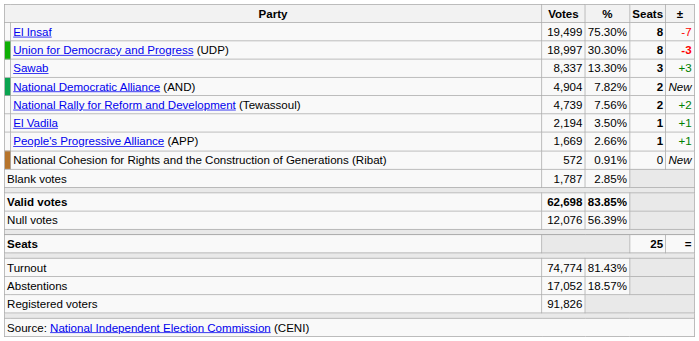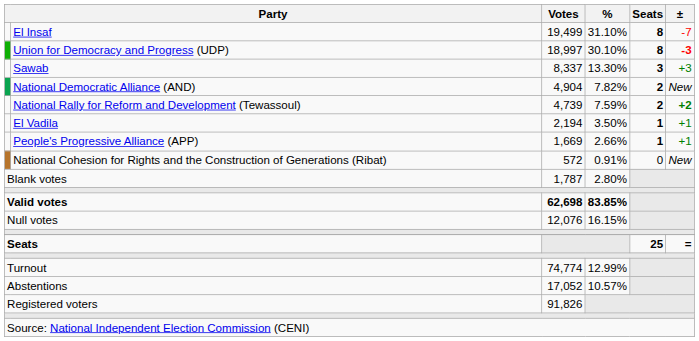 <table class="wikitable" style="text-align:right;font-size:95%;">
 <tr>
 <th width="700" colspan="2">Party</th>
 <th width="50">Votes</th>
 <th width="50">%</th>
 <th width="25">Seats</th>
 <th width="20">±</th>
 </tr>
 <tr>
 <td width="1" style="color:inherit;background:"></td>
 <td style="text-align:left;"><a href='#'>El Insaf</a></td>
 <td>19,499</td>
-<td>75.30%</td>
+<td>31.10%</td>
 <td><strong>8</strong></td>
 <td style="color:red;">-7</td>
 </tr>
 <tr>
 <td width="1" style="color:inherit;background:#0FAF05;"></td>
 <td style="text-align:left;"><a href='#'>Union for Democracy and Progress</a> (UDP)</td>
 <td>18,997</td>
-<td>30.30%</td>
+<td>30.10%</td>
 <td><strong>8</strong></td>
 <td style="color:red;"><strong>-3</strong></td>
 </tr>
 <tr>
 <td width="1" style="color:inherit;background:"></td>
 <td style="text-align:left;"><a href='#'>Sawab</a></td>
 <td>8,337</td>
 <td>13.30%</td>
 <td><strong>3</strong></td>
 <td style="color:green;">+3</td>
 </tr>
 <tr>
 <td width="1" style="color:inherit;background:#0AA450;"></td>
 <td style="text-align:left;"><a href='#'>National Democratic Alliance</a> (AND)</td>
 <td>4,904</td>
 <td>7.82%</td>
 <td><strong>2</strong></td>
 <td><em>New</em></td>
 </tr>
 <tr>
 <td width="1" style="color:inherit;background:"></td>
 <td style="text-align:left;"><a href='#'>National Rally for Reform and Development</a> (Tewassoul)</td>
 <td>4,739</td>
-<td>7.56%</td>
+<td>7.59%</td>
 <td><strong>2</strong></td>
-<td style="color:green;">+2</td>
+<td style="color:green;"><strong>+2</strong></td>
 </tr>
 <tr>
 <td width="1" style="color:inherit;background:"></td>
 <td style="text-align:left;"><a href='#'>El Vadila</a></td>
 <td>2,194</td>
 <td>3.50%</td>
 <td><strong>1</strong></td>
 <td style="color:green;">+1</td>
 </tr>
 <tr>
 <td width="1" style="color:inherit;background:"></td>
 <td style="text-align:left;"><a href='#'>People's Progressive Alliance</a> (APP)</td>
 <td>1,669</td>
 <td>2.66%</td>
 <td><strong>1</strong></td>
 <td style="color:green;">+1</td>
 </tr>
 <tr>
 <td width="1" style="color:inherit;background:#B7752C;"></td>
 <td style="text-align:left;">National Cohesion for Rights and the Construction of Generations (Ribat)</td>
 <td>572</td>
 <td>0.91%</td>
 <td>0</td>
 <td><em>New</em></td>
 </tr>
 <tr>
 <td colspan="2" style="text-align:left;">Blank votes</td>
 <td>1,787</td>
-<td>2.85%</td>
+<td>2.80%</td>
 <td colspan="2" style="background:#E9E9E9;"></td>
 </tr>
 <tr>
 <td colspan="6" style="background:#E9E9E9;"></td>
 </tr>
 <tr style="font-weight:bold;">
 <td colspan="2" style="text-align:left;">Valid votes</td>
 <td>62,698</td>
 <td>83.85%</td>
 <td colspan="2" style="background:#E9E9E9;"></td>
 </tr>
 <tr>
 <td colspan="2" style="text-align:left;">Null votes</td>
 <td>12,076</td>
-<td>56.39%</td>
+<td>16.15%</td>
 <td colspan="2" style="background:#E9E9E9;"></td>
 </tr>
 <tr>
 <td colspan="6" style="background:#E9E9E9;"></td>
 </tr>
 <tr>
 </tr>
 <tr style="font-weight:bold;">
 <td colspan="2" style="text-align:left;">Seats</td>
 <td colspan="2" style="background:#E9E9E9;"></td>
 <td>25</td>
 <td>=</td>
 </tr>
 <tr>
 <td colspan="6" style="background:#E9E9E9;"></td>
 </tr>
 <tr>
 <td colspan="2" style="text-align:left;">Turnout</td>
 <td>74,774</td>
-<td>81.43%</td>
+<td>12.99%</td>
 <td colspan="2" style="background:#E9E9E9;"></td>
 </tr>
 <tr>
 <td colspan="2" style="text-align:left;">Abstentions</td>
 <td>17,052</td>
-<td>18.57%</td>
+<td>10.57%</td>
 <td colspan="2" style="background:#E9E9E9;"></td>
 </tr>
 <tr>
 <td colspan="2" style="text-align:left;">Registered voters</td>
 <td>91,826</td>
 <td colspan="3" style="background:#E9E9E9;"></td>
 </tr>
 <tr>
 <td colspan="6" style="background:#E9E9E9;"></td>
 </tr>
 <tr>
 <td colspan="6" style="text-align:left;">Source: <a href='#'>National Independent Election Commission</a> (CENI)</td>
 </tr>
 </table>
